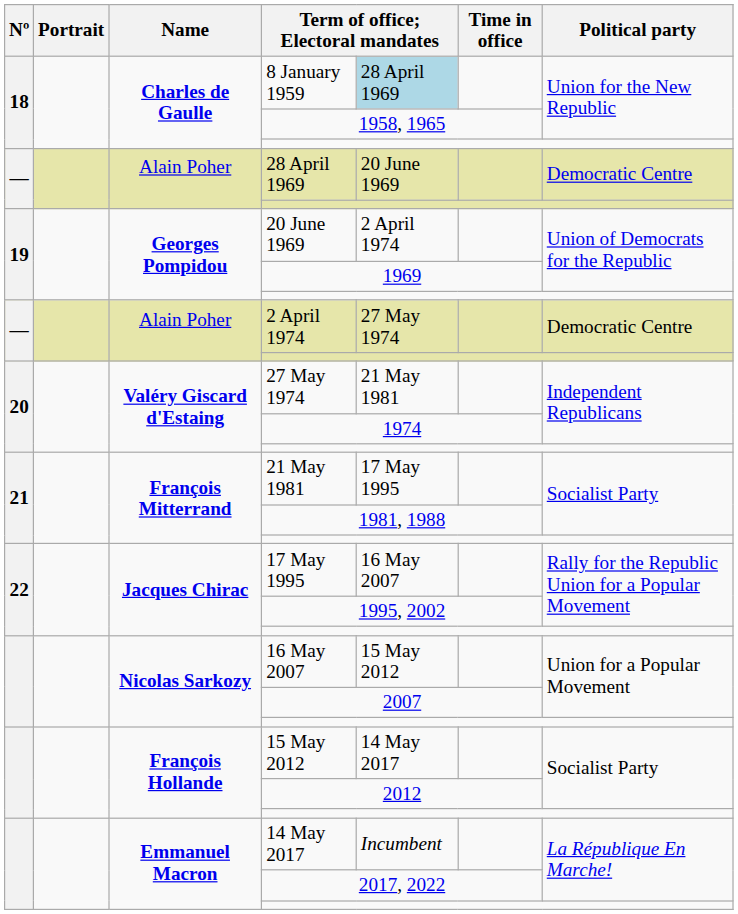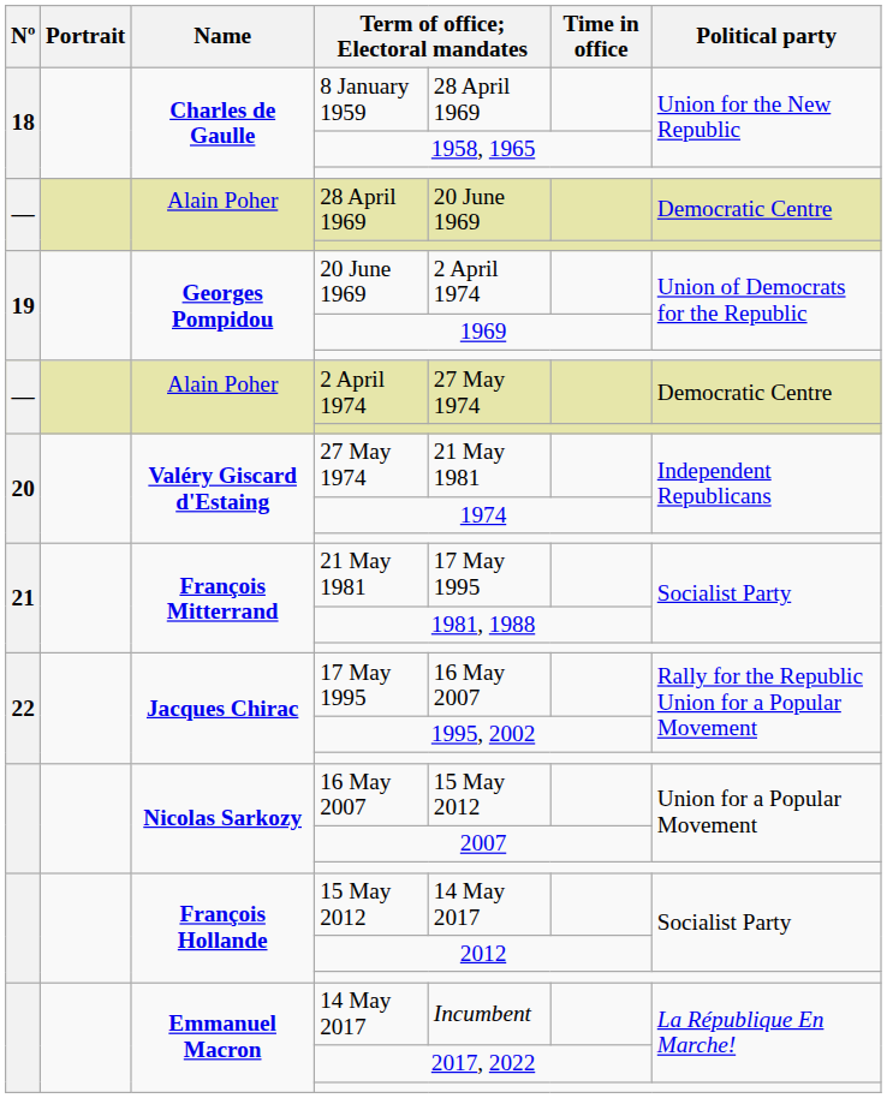 <table class="wikitable">
 <tr>
 <th>Nº</th>
 <th>Portrait</th>
 <th>Name<br></th>
 <th colspan=2>Term of office;<br>Electoral mandates</th>
 <th>Time in office</th>
 <th>Political party</th>
 </tr>
 <tr>
 <th rowspan=3 style="background:">18</th>
 <td rowspan=3></td>
 <td rowspan=3 align=center><strong><a href='#'>Charles de Gaulle</a></strong><br></td>
 <td>8 January 1959</td>
-<td style="background: lightblue;">28 April 1969</td>
+<td>28 April 1969</td>
 <td></td>
 <td rowspan=2><a href='#'>Union for the New Republic</a><br></td>
 </tr>
 <tr>
 <td colspan=3 align=center><a href='#'>1958</a>, <a href='#'>1965</a></td>
 </tr>
 <tr>
 <td colspan=4></td>
 </tr>
 <tr style="background-color:#E6E6AA">
 <th rowspan=2 style="background:">—</th>
 <td rowspan=2 align=center></td>
 <td rowspan=2 align=center><a href='#'>Alain Poher</a><br><br></td>
 <td>28 April 1969</td>
 <td>20 June 1969</td>
 <td></td>
 <td><a href='#'>Democratic Centre</a></td>
 </tr>
 <tr style="background-color:#E6E6AA">
 <td colspan=4></td>
 </tr>
 <tr>
 <th rowspan=3 style="background:">19</th>
 <td rowspan=3></td>
 <td rowspan=3 align=center><strong><a href='#'>Georges Pompidou</a></strong><br></td>
 <td>20 June 1969</td>
 <td>2 April 1974</td>
 <td></td>
 <td rowspan=2><a href='#'>Union of Democrats for the Republic</a></td>
 </tr>
 <tr>
 <td colspan=3 align=center><a href='#'>1969</a></td>
 </tr>
 <tr>
 <td colspan=4></td>
 </tr>
 <tr style="background-color:#E6E6AA">
 <th rowspan=2 style="background:">—</th>
 <td rowspan=2 align=center></td>
 <td rowspan=2 align=center><a href='#'>Alain Poher</a><br><br></td>
 <td>2 April 1974</td>
 <td>27 May 1974</td>
 <td></td>
 <td>Democratic Centre</td>
 </tr>
 <tr style="background-color:#E6E6AA">
 <td colspan=4></td>
 </tr>
 <tr>
 <th rowspan=3 style="background:">20</th>
 <td rowspan=3></td>
 <td rowspan=3 align=center><strong><a href='#'>Valéry Giscard d'Estaing</a></strong><br></td>
 <td>27 May 1974</td>
 <td>21 May 1981</td>
 <td></td>
 <td rowspan=2><a href='#'>Independent Republicans</a> <br></td>
 </tr>
 <tr>
 <td colspan=3 align=center><a href='#'>1974</a></td>
 </tr>
 <tr>
 <td colspan=4></td>
 </tr>
 <tr>
 <th rowspan=3 style="background:">21</th>
 <td rowspan=3></td>
 <td rowspan=3 align=center><strong><a href='#'>François Mitterrand</a></strong><br></td>
 <td>21 May 1981</td>
 <td>17 May 1995</td>
 <td></td>
 <td rowspan=2><a href='#'>Socialist Party</a></td>
 </tr>
 <tr>
 <td colspan=3 align=center><a href='#'>1981</a>, <a href='#'>1988</a></td>
 </tr>
 <tr>
 <td colspan=4></td>
 </tr>
 <tr>
 <th rowspan=3 style="background:">22</th>
 <td rowspan=3></td>
 <td rowspan=3 align=center><strong><a href='#'>Jacques Chirac</a></strong><br></td>
 <td>17 May 1995</td>
 <td>16 May 2007</td>
 <td></td>
 <td rowspan=2><a href='#'>Rally for the Republic</a> <br><a href='#'>Union for a Popular Movement</a> </td>
 </tr>
 <tr>
 <td colspan=3 align=center><a href='#'>1995</a>, <a href='#'>2002</a></td>
 </tr>
 <tr>
 <td colspan=4></td>
 </tr>
 <tr>
 <th rowspan=3 style="background:"><a href='#'></a></th>
 <td rowspan=3></td>
 <td rowspan=3 align=center><strong><a href='#'>Nicolas Sarkozy</a></strong><br></td>
 <td>16 May 2007</td>
 <td>15 May 2012</td>
 <td></td>
 <td rowspan=2>Union for a Popular Movement</td>
 </tr>
 <tr>
 <td colspan=3 align=center><a href='#'>2007</a></td>
 </tr>
 <tr>
 <td colspan=4></td>
 </tr>
 <tr>
 <th rowspan=3 style="background:"><a href='#'></a></th>
 <td rowspan=3></td>
 <td rowspan=3 align=center><strong><a href='#'>François Hollande</a></strong><br></td>
 <td>15 May 2012</td>
 <td>14 May 2017</td>
 <td></td>
 <td rowspan=2>Socialist Party</td>
 </tr>
 <tr>
 <td colspan=3 align=center><a href='#'>2012</a></td>
 </tr>
 <tr>
 <td colspan=4></td>
 </tr>
 <tr>
 <th rowspan=3 style="background:"><a href='#'></a></th>
 <td rowspan=3></td>
 <td rowspan=3 align=center><strong><a href='#'>Emmanuel Macron</a></strong><br></td>
 <td>14 May 2017</td>
 <td><em>Incumbent</em><br></td>
 <td></td>
 <td rowspan=2><a href='#'><em>La République En Marche!</em></a><br> </td>
 </tr>
 <tr>
 <td colspan=3 align=center><a href='#'>2017</a>, <a href='#'>2022</a></td>
 </tr>
 <tr>
 <td colspan=4></td>
 </tr>
 </table>
